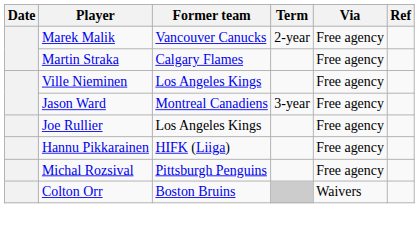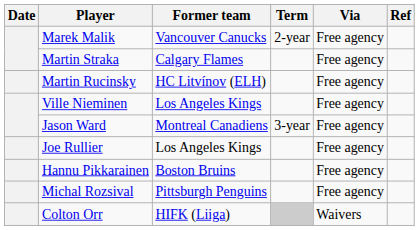 <table class="wikitable plainrowheaders">
 <tr style="background:#ddd; text-align:center;">
 <th>Date</th>
 <th>Player</th>
 <th>Former team</th>
 <th>Term</th>
 <th>Via</th>
 <th>Ref</th>
 </tr>
 <tr>
 <th scope="row" rowspan=2></th>
 <td><a href='#'>Marek Malik</a></td>
 <td><a href='#'>Vancouver Canucks</a></td>
 <td>2-year</td>
 <td>Free agency</td>
 <td></td>
 </tr>
 <tr>
 <td><a href='#'>Martin Straka</a></td>
 <td><a href='#'>Calgary Flames</a></td>
+<td></td>
+<td>Free agency</td>
+<td></td>
+</tr>
+<tr>
+<th scope="row"></th>
+<td><a href='#'>Martin Rucinsky</a></td>
+<td><a href='#'>HC Litvínov</a> (<a href='#'>ELH</a>)</td>
 <td></td>
 <td>Free agency</td>
 <td></td>
 </tr>
 <tr>
 <th scope="row" rowspan=2></th>
 <td><a href='#'>Ville Nieminen</a></td>
 <td><a href='#'>Los Angeles Kings</a></td>
 <td></td>
 <td>Free agency</td>
 <td></td>
 </tr>
 <tr>
 <td><a href='#'>Jason Ward</a></td>
 <td><a href='#'>Montreal Canadiens</a></td>
 <td>3-year</td>
 <td>Free agency</td>
 <td></td>
 </tr>
 <tr>
 <th scope="row"></th>
 <td><a href='#'>Joe Rullier</a></td>
 <td>Los Angeles Kings</td>
 <td></td>
 <td>Free agency</td>
 <td></td>
 </tr>
 <tr>
 <th scope="row"></th>
 <td><a href='#'>Hannu Pikkarainen</a></td>
-<td><a href='#'>HIFK</a> (<a href='#'>Liiga</a>)</td>
+<td><a href='#'>Boston Bruins</a></td>
 <td></td>
 <td>Free agency</td>
 <td></td>
 </tr>
 <tr>
 <th scope="row"></th>
 <td><a href='#'>Michal Rozsival</a></td>
 <td><a href='#'>Pittsburgh Penguins</a></td>
 <td></td>
 <td>Free agency</td>
 <td></td>
 </tr>
 <tr>
 <th scope="row"></th>
 <td><a href='#'>Colton Orr</a></td>
-<td><a href='#'>Boston Bruins</a></td>
+<td><a href='#'>HIFK</a> (<a href='#'>Liiga</a>)</td>
 <td style="background:#ccc"></td>
 <td>Waivers</td>
 <td></td>
 </tr>
 </table>
